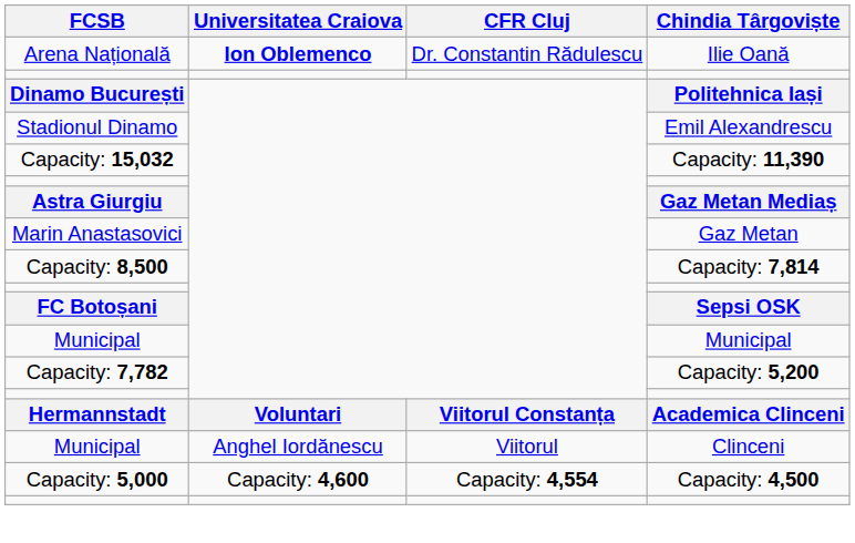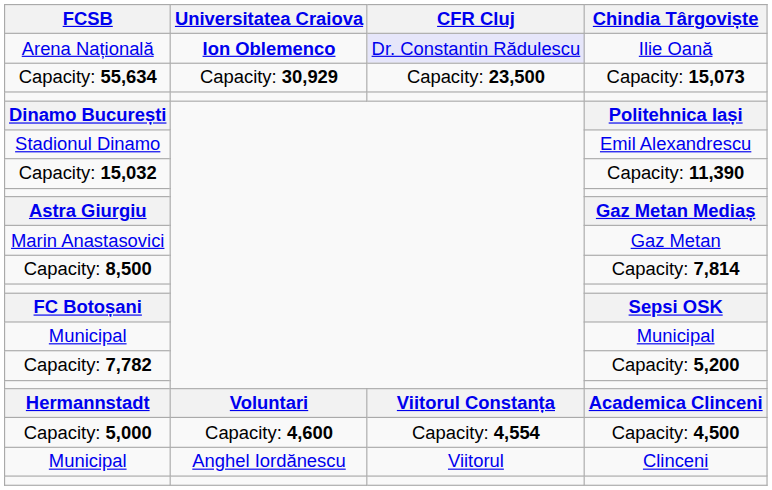 <table class="wikitable" style="text-align:center; margin:0.5em auto;">
 <tr>
 <th><a href='#'>FCSB</a></th>
 <th><a href='#'>Universitatea Craiova</a></th>
 <th><a href='#'>CFR Cluj</a></th>
 <th><a href='#'>Chindia Târgoviște</a></th>
 </tr>
 <tr>
 <td><a href='#'>Arena Națională</a></td>
 <td><strong><a href='#'>Ion Oblemenco</a></strong></td>
-<td><a href='#'>Dr. Constantin Rădulescu</a></td>
+<td style="background: lavender;"><a href='#'>Dr. Constantin Rădulescu</a></td>
 <td><a href='#'>Ilie Oană</a></td>
+</tr>
+<tr>
+<td>Capacity: <strong>55,634</strong></td>
+<td>Capacity: <strong>30,929</strong></td>
+<td>Capacity: <strong>23,500</strong></td>
+<td>Capacity: <strong>15,073</strong></td>
 </tr>
 <tr>
 <td></td>
 <td></td>
 <td></td>
 <td></td>
 </tr>
 <tr>
 <th><a href='#'>Dinamo București</a></th>
 <td colspan="2" rowspan="12"><br> </td>
 <th><a href='#'>Politehnica Iași</a></th>
 </tr>
 <tr>
 <td><a href='#'>Stadionul Dinamo</a></td>
 <td><a href='#'>Emil Alexandrescu</a></td>
 </tr>
 <tr>
 <td>Capacity: <strong>15,032</strong></td>
 <td>Capacity: <strong>11,390</strong></td>
 </tr>
 <tr>
 <td></td>
 <td></td>
 </tr>
 <tr>
 <th><a href='#'>Astra Giurgiu</a></th>
 <th><a href='#'>Gaz Metan Mediaș</a></th>
 </tr>
 <tr>
 <td><a href='#'>Marin Anastasovici</a></td>
 <td><a href='#'>Gaz Metan</a></td>
 </tr>
 <tr>
 <td>Capacity: <strong>8,500</strong></td>
 <td>Capacity: <strong>7,814</strong></td>
 </tr>
 <tr>
 <td></td>
 <td></td>
 </tr>
 <tr>
 <th><a href='#'>FC Botoșani</a></th>
 <th><a href='#'>Sepsi OSK</a></th>
 </tr>
 <tr>
 <td><a href='#'>Municipal</a></td>
 <td><a href='#'>Municipal</a></td>
 </tr>
 <tr>
 <td>Capacity: <strong>7,782</strong></td>
 <td>Capacity: <strong>5,200</strong></td>
 </tr>
 <tr>
 <td></td>
 <td></td>
 </tr>
 <tr>
 <th><a href='#'>Hermannstadt</a></th>
 <th><a href='#'>Voluntari</a></th>
 <th><a href='#'>Viitorul Constanța</a></th>
 <th><a href='#'>Academica Clinceni</a></th>
 </tr>
 <tr>
+<td>Capacity: <strong>5,000</strong></td>
+<td>Capacity: <strong>4,600</strong></td>
+<td>Capacity: <strong>4,554</strong></td>
+<td>Capacity: <strong>4,500</strong></td>
+</tr>
+<tr>
 <td><a href='#'>Municipal</a></td>
 <td><a href='#'>Anghel Iordănescu</a></td>
 <td><a href='#'>Viitorul</a></td>
 <td><a href='#'>Clinceni</a></td>
-</tr>
-<tr>
-<td>Capacity: <strong>5,000</strong></td>
-<td>Capacity: <strong>4,600</strong></td>
-<td>Capacity: <strong>4,554</strong></td>
-<td>Capacity: <strong>4,500</strong></td>
 </tr>
 <tr>
 <td></td>
 <td></td>
 <td></td>
 <td></td>
 </tr>
 </table>
